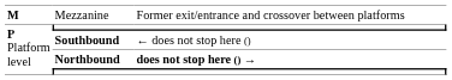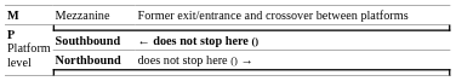 <table border=0 cellspacing=0 cellpadding=3>
 <tr>
 <td style="border-top:solid 1px gray;border-bottom:solid 1px gray;" width=50><strong>M</strong></td>
 <td style="border-top:solid 1px gray;border-bottom:solid 1px gray;" width=100>Mezzanine</td>
 <td style="border-top:solid 1px gray;border-bottom:solid 1px gray;" width=400>Former exit/entrance and crossover between platforms</td>
 </tr>
 <tr>
 <td style="border-bottom:solid 1px gray;" rowspan=4 valign=top><strong>P</strong><br>Platform level</td>
 <td style="border-right:solid 2px black;border-left:solid 2px black;border-bottom:solid 2px black;text-align:center;" colspan=2></td>
 </tr>
 <tr>
 <td><span><strong>Southbound</strong></span></td>
-<td>←  does not stop here <small>()</small></td>
+<td><strong>←  does not stop here <small>()</small></strong></td>
 </tr>
 <tr>
 <td style="border-top:solid 1px gray;"><span><strong>Northbound</strong></span></td>
-<td style="border-top:solid 1px gray;"><strong>  does not stop here <small>()</small> →</strong></td>
+<td style="border-top:solid 1px gray;">  does not stop here <small>()</small> →</td>
 </tr>
 <tr>
 <td style="border-bottom:solid 1px gray;border-right:solid 2px black;border-left:solid 2px black;border-top:solid 2px black;text-align:center;" colspan=2></td>
 </tr>
 </table>
